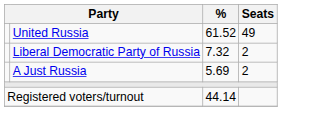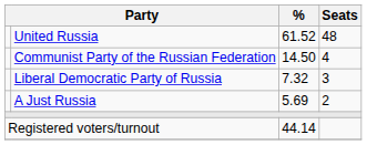 <table class="wikitable">
 <tr>
 <th colspan=2>Party</th>
 <th>%</th>
 <th>Seats</th>
 </tr>
 <tr>
 <td style="background:"></td>
 <td><a href='#'>United Russia</a></td>
 <td>61.52</td>
-<td>49</td>
+<td>48</td>
+</tr>
+<tr>
+<td style="background:"></td>
+<td><a href='#'>Communist Party of the Russian Federation</a></td>
+<td>14.50</td>
+<td>4</td>
 </tr>
 <tr>
 <td style="background:"></td>
 <td><a href='#'>Liberal Democratic Party of Russia</a></td>
 <td>7.32</td>
-<td>2</td>
+<td>3</td>
 </tr>
 <tr>
 <td style="background:"></td>
 <td><a href='#'>A Just Russia</a></td>
 <td>5.69</td>
 <td>2</td>
 </tr>
 <tr>
 <td colspan=4 style="background:#E9E9E9;"></td>
 </tr>
 <tr>
 <td align=left colspan=2>Registered voters/turnout</td>
 <td>44.14</td>
 <td></td>
 </tr>
 <tr>
 </tr>
 </table>
